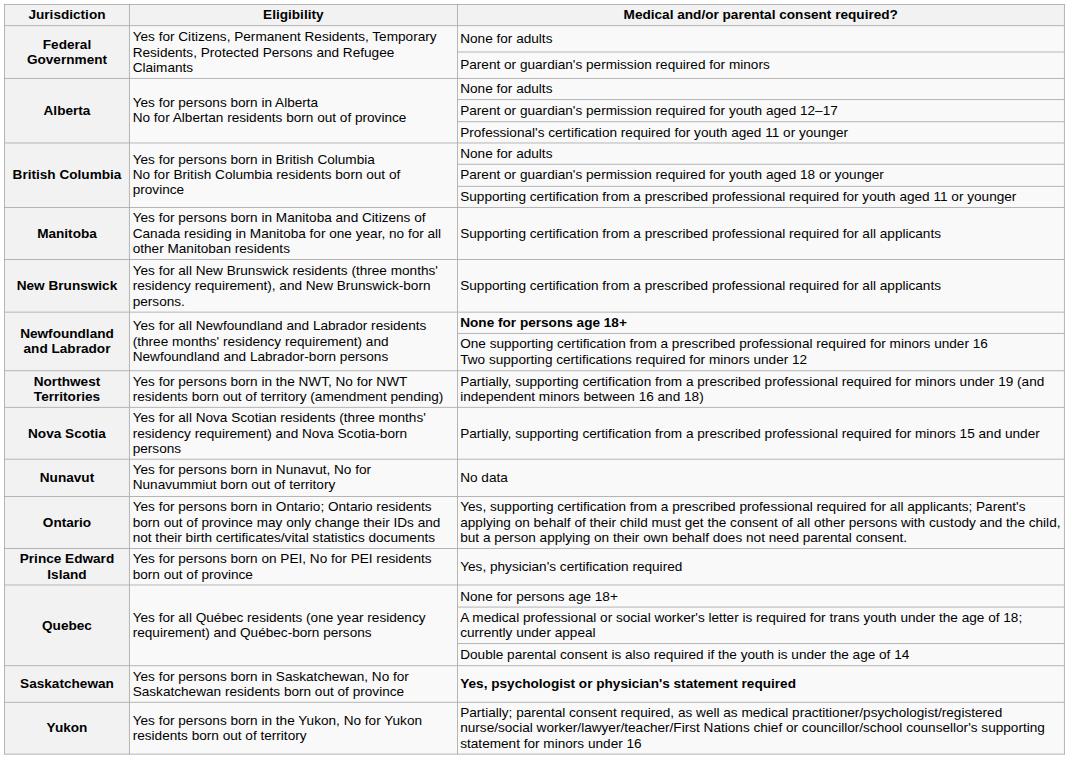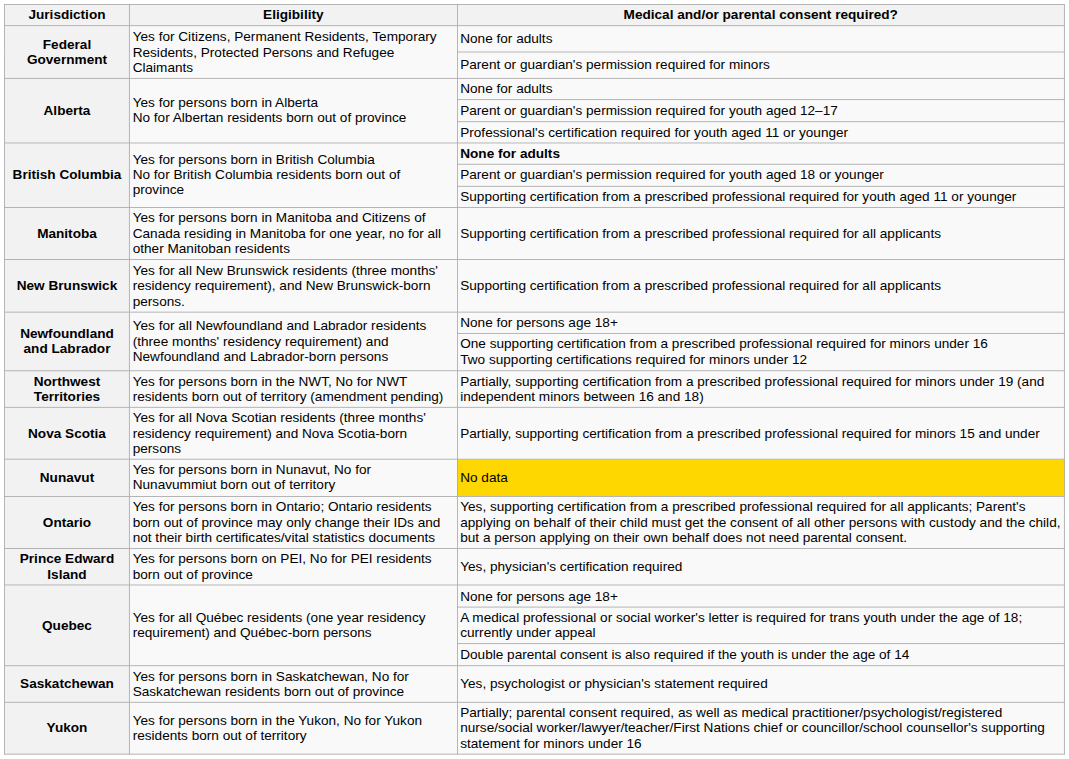 <table class="wikitable sortable">
 <tr>
 <th scope="col">Jurisdiction</th>
 <th scope="col">Eligibility</th>
 <th>Medical and/or parental consent required?</th>
 </tr>
 <tr>
 <th rowspan=2>Federal Government</th>
 <td style="background: ; color: ;" rowspan=2>Yes for Citizens, Permanent Residents, Temporary Residents, Protected Persons and Refugee Claimants</td>
 <td style="background: ; color: ;">None for adults</td>
 </tr>
 <tr>
 <td style="background: ; color: ;">Parent or guardian's permission required for minors</td>
 </tr>
 <tr>
 <th rowspan=3>Alberta</th>
 <td style="background: ; color: ;" rowspan=3>Yes for persons born in Alberta<br>No for Albertan residents born out of province</td>
 <td style="background: ; color: ;">None for adults</td>
 </tr>
 <tr>
 <td style="background: ; color: ;">Parent or guardian's permission required for youth aged 12–17</td>
 </tr>
 <tr>
 <td style="background: ; color: ;">Professional's certification required for youth aged 11 or younger</td>
 </tr>
 <tr>
 <th rowspan=3>British Columbia</th>
 <td style="background: ; color: ;" rowspan=3>Yes for persons born in British Columbia<br>No for British Columbia residents born out of province</td>
-<td style="background: ; color: ;">None for adults</td>
+<td style="background: ; color: ;"><strong>None for adults</strong></td>
 </tr>
 <tr>
 <td style="background: ; color: ;">Parent or guardian's permission required for youth aged 18 or younger</td>
 </tr>
 <tr>
 <td style="background: ; color: ;">Supporting certification from a prescribed professional required for youth aged 11 or younger</td>
 </tr>
 <tr>
 <th>Manitoba</th>
 <td style="background: ; color: ;">Yes for persons born in Manitoba and Citizens of Canada residing in Manitoba for one year, no for all other Manitoban residents</td>
 <td style="background: ; color: ;">Supporting certification from a prescribed professional required for all applicants</td>
 </tr>
 <tr>
 <th>New Brunswick</th>
 <td style="background: ; color: ;">Yes for all New Brunswick residents (three months' residency requirement), and New Brunswick-born persons.</td>
 <td style="background: ; color: ;">Supporting certification from a prescribed professional required for all applicants</td>
 </tr>
 <tr>
 <th rowspan=2>Newfoundland and Labrador</th>
 <td style="background: ; color: ;" rowspan=2>Yes for all Newfoundland and Labrador residents (three months' residency requirement) and Newfoundland and Labrador-born persons</td>
-<td style="background: ; color: ;" rowspan=1><strong>None for persons age 18+</strong></td>
+<td style="background: ; color: ;" rowspan=1>None for persons age 18+</td>
 </tr>
 <tr>
 <td style="background: ; color: ;" rowspan=1>One supporting certification from a prescribed professional required for minors under 16<br>Two supporting certifications required for minors under 12</td>
 </tr>
 <tr>
 <th>Northwest Territories</th>
 <td style="background: ; color: ;">Yes for persons born in the NWT, No for NWT residents born out of territory (amendment pending)</td>
 <td style="background: ; color: ;">Partially, supporting certification from a prescribed professional required for minors under 19 (and independent minors between 16 and 18)</td>
 </tr>
 <tr>
 <th>Nova Scotia</th>
 <td style="background: ; color: ;">Yes for all Nova Scotian residents (three months' residency requirement) and Nova Scotia-born persons</td>
 <td style="background: ; color: ;">Partially, supporting certification from a prescribed professional required for minors 15 and under</td>
 </tr>
 <tr>
 <th>Nunavut</th>
 <td style="background: ; color: ;">Yes for persons born in Nunavut, No for Nunavummiut born out of territory</td>
-<td>No data</td>
+<td style="background: gold;">No data</td>
 </tr>
 <tr>
 <th>Ontario</th>
 <td style="background: ; color: ;">Yes for persons born in Ontario; Ontario residents born out of province may only change their IDs and not their birth certificates/vital statistics documents</td>
 <td style="background: ; color: ;">Yes, supporting certification from a prescribed professional required for all applicants; Parent's applying on behalf of their child must get the consent of all other persons with custody and the child, but a person applying on their own behalf does not need parental consent.</td>
 </tr>
 <tr>
 <th>Prince Edward Island</th>
 <td style="background: ; color: ;">Yes for persons born on PEI, No for PEI residents born out of province</td>
 <td style="background: ; color: ;">Yes, physician's certification required</td>
 </tr>
 <tr>
 <th rowspan=3>Quebec</th>
 <td style="background: ; color: ;" rowspan=3>Yes for all Québec residents (one year residency requirement) and Québec-born persons</td>
 <td style="background: ; color: ;" rowspan=1>None for persons age 18+</td>
 </tr>
 <tr>
 <td style="background: ; color: ;" rowspan=1>A medical professional or social worker's letter is required for trans youth under the age of 18; currently under appeal</td>
 </tr>
 <tr>
 <td style="background: ; color:;" rowspan=1>Double parental consent is also required if the youth is under the age of 14</td>
 </tr>
 <tr>
 <th>Saskatchewan</th>
 <td style="background: ; color: ;">Yes for persons born in Saskatchewan, No for Saskatchewan residents born out of province</td>
-<td style="background: ; color: ;"><strong>Yes, psychologist or physician's statement required</strong></td>
+<td style="background: ; color: ;">Yes, psychologist or physician's statement required</td>
 </tr>
 <tr>
 <th>Yukon</th>
 <td style="background: ; color: ;">Yes for persons born in the Yukon, No for Yukon residents born out of territory</td>
 <td style="background: ; color: ;">Partially; parental consent required, as well as medical practitioner/psychologist/registered nurse/social worker/lawyer/teacher/First Nations chief or councillor/school counsellor's supporting statement for minors under 16</td>
 </tr>
 </table>
